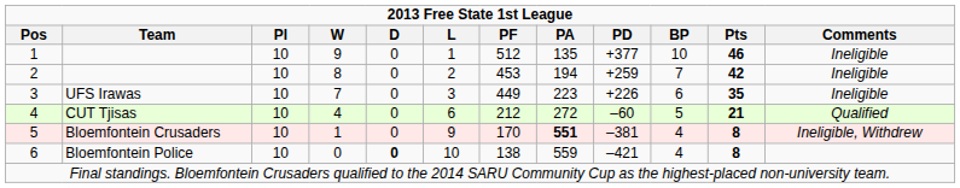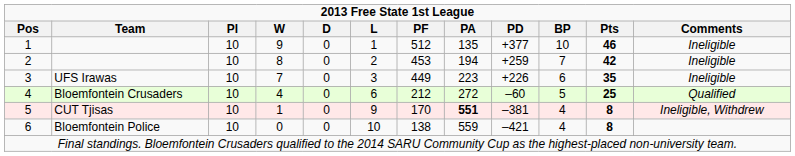 <table class="wikitable"  style="text-align:center; line-height:90%; font-size:90%; width:75%;">
 <tr>
 <td colspan=12><strong>2013 Free State 1st League</strong></td>
 </tr>
 <tr>
 <th style="width:6%;">Pos</th>
 <th style="width:20%;">Team</th>
 <th style="width:6%;">Pl</th>
 <th style="width:6%;">W</th>
 <th style="width:6%;">D</th>
 <th style="width:6%;">L</th>
 <th style="width:6%;">PF</th>
 <th style="width:6%;">PA</th>
 <th style="width:6%;">PD</th>
 <th style="width:6%;">BP</th>
 <th style="width:6%;">Pts</th>
 <th style="width:20%;">Comments<br></th>
 </tr>
 <tr>
 <td>1</td>
 <td style="text-align:left;"></td>
 <td>10</td>
 <td>9</td>
 <td>0</td>
 <td>1</td>
 <td>512</td>
 <td>135</td>
 <td>+377</td>
 <td>10</td>
 <td><strong>46</strong></td>
 <td><em>Ineligible</em></td>
 </tr>
 <tr>
 <td>2</td>
 <td style="text-align:left;"></td>
 <td>10</td>
 <td>8</td>
 <td>0</td>
 <td>2</td>
 <td>453</td>
 <td>194</td>
 <td>+259</td>
 <td>7</td>
 <td><strong>42</strong></td>
 <td><em>Ineligible</em></td>
 </tr>
 <tr>
 <td>3</td>
 <td style="text-align:left;">UFS Irawas</td>
 <td>10</td>
 <td>7</td>
 <td>0</td>
 <td>3</td>
 <td>449</td>
 <td>223</td>
 <td>+226</td>
 <td>6</td>
 <td><strong>35</strong></td>
 <td><em>Ineligible</em></td>
 </tr>
 <tr bgcolor="#E8FFD8">
 <td>4</td>
-<td style="text-align:left;">CUT Tjisas</td>
+<td style="text-align:left;">Bloemfontein Crusaders</td>
 <td>10</td>
 <td>4</td>
 <td>0</td>
 <td>6</td>
 <td>212</td>
 <td>272</td>
 <td>–60</td>
 <td>5</td>
-<td><strong>21</strong></td>
+<td><strong>25</strong></td>
 <td><em>Qualified</em></td>
 </tr>
 <tr bgcolor="#FFE8E8">
 <td>5</td>
-<td style="text-align:left;">Bloemfontein Crusaders</td>
+<td style="text-align:left;">CUT Tjisas</td>
 <td>10</td>
 <td>1</td>
 <td>0</td>
 <td>9</td>
 <td>170</td>
 <td><strong>551</strong></td>
 <td>–381</td>
 <td>4</td>
 <td><strong>8</strong></td>
 <td><em>Ineligible, Withdrew</em></td>
 </tr>
 <tr>
 <td>6</td>
 <td style="text-align:left;">Bloemfontein Police</td>
 <td>10</td>
 <td>0</td>
-<td><strong>0</strong></td>
+<td>0</td>
 <td>10</td>
 <td>138</td>
 <td>559</td>
 <td>–421</td>
 <td>4</td>
 <td><strong>8</strong></td>
 <td></td>
 </tr>
 <tr>
 <td colspan=12><em>Final standings. Bloemfontein Crusaders qualified to the 2014 SARU Community Cup as the highest-placed non-university team.</em></td>
 </tr>
 </table>
